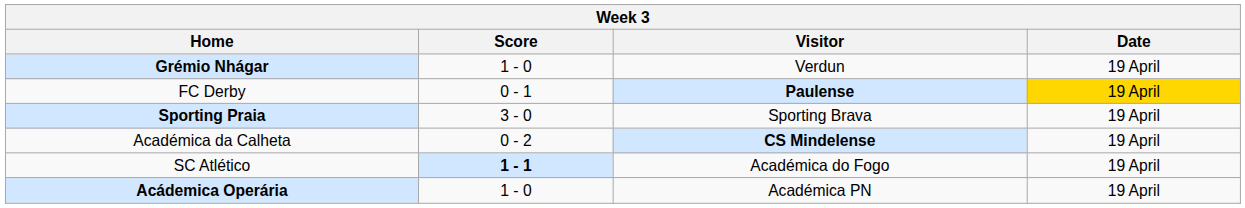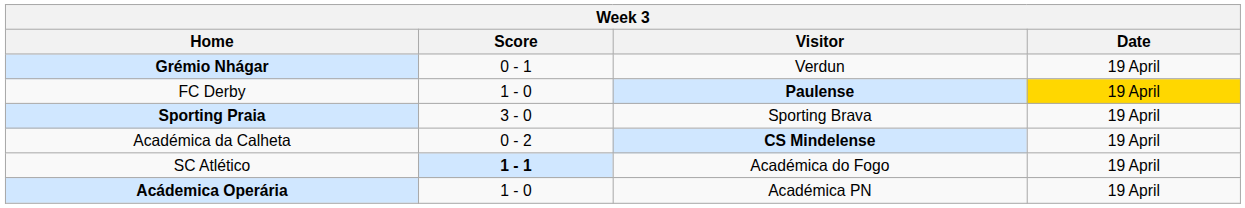 <table class="wikitable" style="margin:1em auto; font-size:95%; text-align: center; width: 95%;">
 <tr>
 <th colspan="12" style="with: 100%;">Week 3</th>
 </tr>
 <tr>
 <th width="200">Home</th>
 <th width="90">Score</th>
 <th width="200">Visitor</th>
 <th width="100">Date</th>
 </tr>
 <tr>
 <td bgcolor=#D0E7FF><strong>Grémio Nhágar</strong></td>
-<td>1 - 0</td>
+<td>0 - 1</td>
 <td>Verdun</td>
 <td>19 April</td>
 </tr>
 <tr>
 <td>FC Derby</td>
-<td>0 - 1</td>
+<td>1 - 0</td>
 <td bgcolor=#D0E7FF><strong>Paulense</strong></td>
 <td style="background: gold;">19 April</td>
 </tr>
 <tr>
 <td bgcolor=#D0E7FF><strong>Sporting Praia</strong></td>
 <td>3 - 0</td>
 <td>Sporting Brava</td>
 <td>19 April</td>
 </tr>
 <tr>
 <td>Académica da Calheta</td>
 <td>0 - 2</td>
 <td bgcolor=#D0E7FF><strong>CS Mindelense</strong></td>
 <td>19 April</td>
 </tr>
 <tr>
 <td>SC Atlético</td>
 <td bgcolor=#D0E7FF><strong>1 - 1</strong></td>
 <td>Académica do Fogo</td>
 <td>19 April</td>
 </tr>
 <tr>
 <td bgcolor=#D0E7FF><strong>Acádemica Operária</strong></td>
 <td>1 - 0</td>
 <td>Académica PN</td>
 <td>19 April</td>
 </tr>
 </table>
